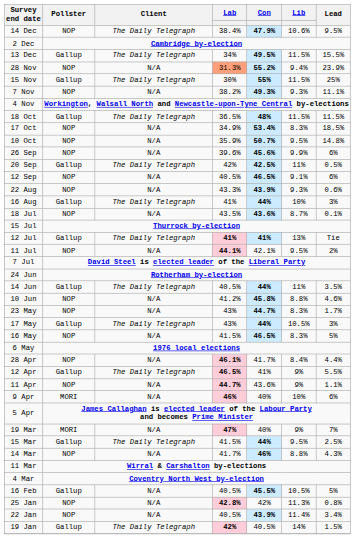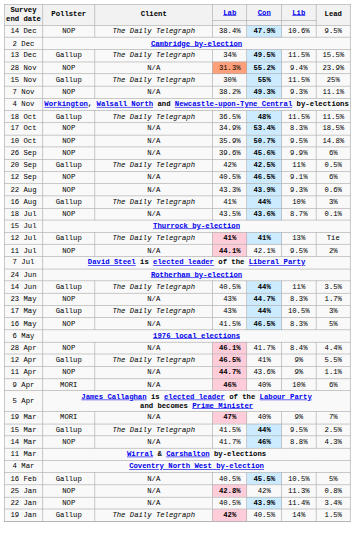 <table class="wikitable sortable mw-datatable" style="text-align:center;font-size:90%;line-height:14px;">
 <tr>
 <th rowspan="2">Survey<br>end date</th>
 <th rowspan="2">Pollster</th>
 <th rowspan="2">Client</th>
 <th class="unsortable" style="width:50px;"><a href='#'>Lab</a></th>
 <th class="unsortable" style="width:50px;"><a href='#'>Con</a></th>
 <th class="unsortable" style="width:50px;"><a href='#'>Lib</a></th>
 <th rowspan="2">Lead</th>
 </tr>
 <tr>
 <th style="background:"></th>
 <th style="background:"></th>
 <th style="background:"></th>
 </tr>
 <tr>
 <td>14 Dec</td>
 <td>NOP</td>
 <td><em>The Daily Telegraph</em></td>
 <td>38.4%</td>
 <td style="background:#CCEBFF;"><strong>47.9%</strong></td>
 <td>10.6%</td>
 <td style="background:">9.5%</td>
 </tr>
 <tr>
 <td>2 Dec</td>
 <td colspan="6"><a href='#'><strong>Cambridge by-election</strong></a></td>
 </tr>
 <tr>
 <td>13 Dec</td>
 <td>Gallup</td>
 <td><em>The Daily Telegraph</em></td>
 <td>34%</td>
 <td style="background:#CCEBFF;"><strong>49.5%</strong></td>
 <td>11.5%</td>
 <td style="background:">15.5%</td>
 </tr>
 <tr>
 <td>28 Nov</td>
 <td>NOP</td>
 <td>N/A</td>
 <td style="background: lightsalmon;">31.3%</td>
 <td style="background:#CCEBFF;"><strong>55.2%</strong></td>
 <td>9.4%</td>
 <td style="background:">23.9%</td>
 </tr>
 <tr>
 <td>15 Nov</td>
 <td>Gallup</td>
 <td><em>The Daily Telegraph</em></td>
 <td>30%</td>
 <td style="background:#CCEBFF;"><strong>55%</strong></td>
 <td>11.5%</td>
 <td style="background:">25%</td>
 </tr>
 <tr>
 <td>7 Nov</td>
 <td>NOP</td>
 <td>N/A</td>
 <td>38.2%</td>
 <td style="background:#CCEBFF;"><strong>49.3%</strong></td>
 <td>9.3%</td>
 <td style="background:">11.1%</td>
 </tr>
 <tr>
 <td>4 Nov</td>
 <td colspan="6"><strong><a href='#'>Workington</a>, <a href='#'>Walsall North</a> and <a href='#'>Newcastle-upon-Tyne Central</a> by-elections</strong></td>
 </tr>
 <tr>
 <td>18 Oct</td>
 <td>Gallup</td>
 <td><em>The Daily Telegraph</em></td>
 <td>36.5%</td>
 <td style="background:#CCEBFF;"><strong>48%</strong></td>
 <td>11.5%</td>
 <td style="background:">11.5%</td>
 </tr>
 <tr>
 <td>17 Oct</td>
 <td>NOP</td>
 <td>N/A</td>
 <td>34.9%</td>
 <td style="background:#CCEBFF;"><strong>53.4%</strong></td>
 <td>8.3%</td>
 <td style="background:">18.5%</td>
 </tr>
 <tr>
 <td>10 Oct</td>
 <td>NOP</td>
 <td>N/A</td>
 <td>35.9%</td>
 <td style="background:#CCEBFF;"><strong>50.7%</strong></td>
 <td>9.5%</td>
 <td style="background:">14.8%</td>
 </tr>
 <tr>
 <td>26 Sep</td>
 <td>NOP</td>
 <td>N/A</td>
 <td>39.6%</td>
 <td style="background:#CCEBFF;"><strong>45.6%</strong></td>
 <td>9.9%</td>
 <td style="background:">6%</td>
 </tr>
 <tr>
 <td>20 Sep</td>
 <td>Gallup</td>
 <td><em>The Daily Telegraph</em></td>
 <td>42%</td>
 <td style="background:#CCEBFF;"><strong>42.5%</strong></td>
 <td>11%</td>
 <td style="background:">0.5%</td>
 </tr>
 <tr>
 <td>12 Sep</td>
 <td>NOP</td>
 <td>N/A</td>
 <td>40.5%</td>
 <td style="background:#CCEBFF;"><strong>46.5%</strong></td>
 <td>9.1%</td>
 <td style="background:">6%</td>
 </tr>
 <tr>
 <td>22 Aug</td>
 <td>NOP</td>
 <td>N/A</td>
 <td>43.3%</td>
 <td style="background:#CCEBFF;"><strong>43.9%</strong></td>
 <td>9.3%</td>
 <td style="background:">0.6%</td>
 </tr>
 <tr>
 <td>16 Aug</td>
 <td>Gallup</td>
 <td><em>The Daily Telegraph</em></td>
 <td>41%</td>
 <td style="background:#CCEBFF;"><strong>44%</strong></td>
 <td>10%</td>
 <td style="background:">3%</td>
 </tr>
 <tr>
 <td>18 Jul</td>
 <td>NOP</td>
 <td>N/A</td>
 <td>43.5%</td>
 <td style="background:#CCEBFF;"><strong>43.6%</strong></td>
 <td>8.7%</td>
 <td style="background:">0.1%</td>
 </tr>
 <tr>
 <td>15 Jul</td>
 <td colspan="6"><a href='#'><strong>Thurrock by-election</strong></a></td>
 </tr>
 <tr>
 <td>12 Jul</td>
 <td>Gallup</td>
 <td><em>The Daily Telegraph</em></td>
 <td style="background:#FFCCDA;"><strong>41%</strong></td>
 <td style="background:#CCEBFF;"><strong>41%</strong></td>
 <td>13%</td>
 <td>Tie</td>
 </tr>
 <tr>
 <td>11 Jul</td>
 <td>NOP</td>
 <td>N/A</td>
 <td style="background:#FFCCDA;"><strong>44.1%</strong></td>
 <td>42.1%</td>
 <td>9.5%</td>
 <td style="background:">2%</td>
 </tr>
 <tr>
 <td>7 Jul</td>
 <td colspan="6"><strong><a href='#'>David Steel</a> is <a href='#'>elected leader</a> of the <a href='#'>Liberal Party</a></strong></td>
 </tr>
 <tr>
 <td>24 Jun</td>
 <td colspan="6"><a href='#'><strong>Rotherham by-election</strong></a></td>
 </tr>
 <tr>
 <td>14 Jun</td>
 <td>Gallup</td>
 <td><em>The Daily Telegraph</em></td>
 <td>40.5%</td>
 <td style="background:#CCEBFF;"><strong>44%</strong></td>
 <td>11%</td>
 <td style="background:">3.5%</td>
 </tr>
 <tr>
-<td>10 Jun</td>
-<td>NOP</td>
-<td>N/A</td>
-<td>41.2%</td>
-<td style="background:#CCEBFF;"><strong>45.8%</strong></td>
-<td>8.8%</td>
-<td style="background:">4.6%</td>
-</tr>
-<tr>
 <td>23 May</td>
 <td>NOP</td>
 <td>N/A</td>
 <td>43%</td>
 <td style="background:#CCEBFF;"><strong>44.7%</strong></td>
 <td>8.3%</td>
 <td style="background:">1.7%</td>
 </tr>
 <tr>
 <td>17 May</td>
 <td>Gallup</td>
 <td><em>The Daily Telegraph</em></td>
 <td>43%</td>
 <td style="background:#CCEBFF;"><strong>44%</strong></td>
 <td>10.5%</td>
 <td style="background:">3%</td>
 </tr>
 <tr>
 <td>16 May</td>
 <td>NOP</td>
 <td>N/A</td>
 <td>41.5%</td>
 <td style="background:#CCEBFF;"><strong>46.5%</strong></td>
 <td>8.3%</td>
 <td style="background:">5%</td>
 </tr>
 <tr>
 <td>6 May</td>
 <td colspan="6"><a href='#'><strong>1976 local elections</strong></a></td>
 </tr>
 <tr>
 <td>28 Apr</td>
 <td>NOP</td>
 <td>N/A</td>
 <td style="background:#FFCCDA;"><strong>46.1%</strong></td>
 <td>41.7%</td>
 <td>8.4%</td>
 <td style="background:">4.4%</td>
 </tr>
 <tr>
 <td>12 Apr</td>
 <td>Gallup</td>
 <td><em>The Daily Telegraph</em></td>
 <td style="background:#FFCCDA;"><strong>46.5%</strong></td>
 <td>41%</td>
 <td>9%</td>
 <td style="background:">5.5%</td>
 </tr>
 <tr>
 <td>11 Apr</td>
 <td>NOP</td>
 <td>N/A</td>
 <td style="background:#FFCCDA;"><strong>44.7%</strong></td>
 <td>43.6%</td>
 <td>9%</td>
 <td style="background:">1.1%</td>
 </tr>
 <tr>
 <td>9 Apr</td>
 <td>MORI</td>
 <td>N/A</td>
 <td style="background:#FFCCDA;"><strong>46%</strong></td>
 <td>40%</td>
 <td>10%</td>
 <td style="background:">6%</td>
 </tr>
 <tr>
 <td>5 Apr</td>
 <td colspan="6"><strong><a href='#'>James Callaghan</a> is <a href='#'>elected leader</a> of the <a href='#'>Labour Party</a><br>and becomes <a href='#'>Prime Minister</a></strong></td>
 </tr>
 <tr>
 <td>19 Mar</td>
 <td>MORI</td>
 <td>N/A</td>
 <td style="background:#FFCCDA;"><strong>47%</strong></td>
 <td>40%</td>
 <td>9%</td>
 <td style="background:">7%</td>
 </tr>
 <tr>
 <td>15 Mar</td>
 <td>Gallup</td>
 <td><em>The Daily Telegraph</em></td>
 <td>41.5%</td>
 <td style="background:#CCEBFF;"><strong>44%</strong></td>
 <td>9.5%</td>
 <td style="background:">2.5%</td>
 </tr>
 <tr>
 <td>14 Mar</td>
 <td>NOP</td>
 <td>N/A</td>
 <td>41.7%</td>
 <td style="background:#CCEBFF;"><strong>46%</strong></td>
 <td>8.8%</td>
 <td style="background:">4.3%</td>
 </tr>
 <tr>
 <td>11 Mar</td>
 <td colspan="6"><strong><a href='#'>Wirral</a> & <a href='#'>Carshalton</a> by-elections</strong></td>
 </tr>
 <tr>
 <td>4 Mar</td>
 <td colspan="6"><a href='#'><strong>Coventry North West by-election</strong></a></td>
 </tr>
 <tr>
 <td>16 Feb</td>
 <td>Gallup</td>
 <td>N/A</td>
 <td>40.5%</td>
 <td style="background:#CCEBFF;"><strong>45.5%</strong></td>
 <td>10.5%</td>
 <td style="background:">5%</td>
 </tr>
 <tr>
 <td>25 Jan</td>
 <td>NOP</td>
 <td>N/A</td>
 <td style="background:#FFCCDA;"><strong>42.8%</strong></td>
 <td>42%</td>
 <td>11.3%</td>
 <td style="background:">0.8%</td>
 </tr>
 <tr>
 <td>22 Jan</td>
 <td>NOP</td>
 <td>N/A</td>
 <td>40.5%</td>
 <td style="background:#CCEBFF;"><strong>43.9%</strong></td>
 <td>11.4%</td>
 <td style="background:">3.4%</td>
 </tr>
 <tr>
 <td>19 Jan</td>
 <td>Gallup</td>
 <td><em>The Daily Telegraph</em></td>
 <td style="background:#FFCCDA;"><strong>42%</strong></td>
 <td>40.5%</td>
 <td>14%</td>
 <td style="background:">1.5%</td>
 </tr>
 <tr>
 </tr>
 </table>
